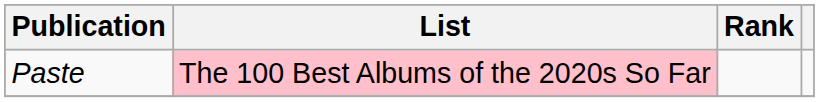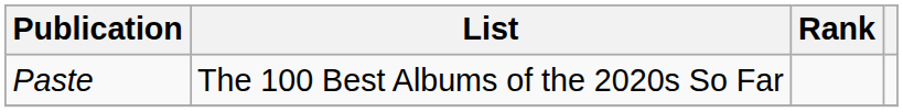 <table class="sortable wikitable">
 <tr>
 <th>Publication</th>
 <th>List</th>
 <th>Rank</th>
 <th class="unsortable"></th>
 </tr>
 <tr>
 <td><em>Paste</em></td>
-<td style="background: pink;">The 100 Best Albums of the 2020s So Far</td>
+<td>The 100 Best Albums of the 2020s So Far</td>
 <td></td>
 <td></td>
 </tr>
 <tr>
 </tr>
 </table>
